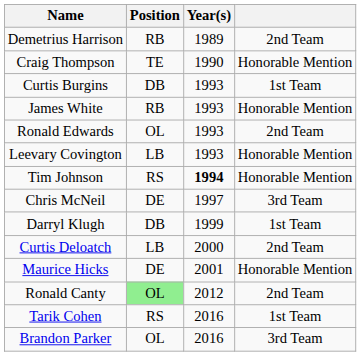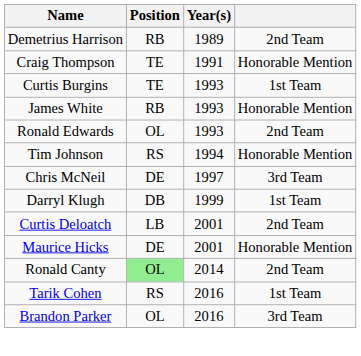 <table class="wikitable sortable" style="text-align:center">
 <tr>
 <th>Name</th>
 <th>Position</th>
 <th>Year(s)</th>
 <th></th>
 </tr>
 <tr>
 <td>Demetrius Harrison</td>
 <td>RB</td>
 <td>1989</td>
 <td>2nd Team</td>
 </tr>
 <tr>
 <td>Craig Thompson</td>
 <td>TE</td>
-<td>1990</td>
+<td>1991</td>
 <td>Honorable Mention</td>
 </tr>
 <tr>
 <td>Curtis Burgins</td>
-<td>DB</td>
+<td>TE</td>
 <td>1993</td>
 <td>1st Team</td>
 </tr>
 <tr>
 <td>James White</td>
 <td>RB</td>
 <td>1993</td>
 <td>Honorable Mention</td>
 </tr>
 <tr>
 <td>Ronald Edwards</td>
 <td>OL</td>
 <td>1993</td>
 <td>2nd Team</td>
 </tr>
 <tr>
-<td>Leevary Covington</td>
-<td>LB</td>
-<td>1993</td>
-<td>Honorable Mention</td>
-</tr>
-<tr>
 <td>Tim Johnson</td>
 <td>RS</td>
-<td><strong>1994</strong></td>
+<td>1994</td>
 <td>Honorable Mention</td>
 </tr>
 <tr>
 <td>Chris McNeil</td>
 <td>DE</td>
 <td>1997</td>
 <td>3rd Team</td>
 </tr>
 <tr>
 <td>Darryl Klugh</td>
 <td>DB</td>
 <td>1999</td>
 <td>1st Team</td>
 </tr>
 <tr>
 <td><a href='#'>Curtis Deloatch</a></td>
 <td>LB</td>
-<td>2000</td>
+<td>2001</td>
 <td>2nd Team</td>
 </tr>
 <tr>
 <td><a href='#'>Maurice Hicks</a></td>
 <td>DE</td>
 <td>2001</td>
 <td>Honorable Mention</td>
 </tr>
 <tr>
 <td>Ronald Canty</td>
 <td style="background: lightgreen;">OL</td>
-<td>2012</td>
+<td>2014</td>
 <td>2nd Team</td>
 </tr>
 <tr>
 <td><a href='#'>Tarik Cohen</a></td>
 <td>RS</td>
 <td>2016</td>
 <td>1st Team</td>
 </tr>
 <tr>
 <td><a href='#'>Brandon Parker</a></td>
 <td>OL</td>
 <td>2016</td>
 <td>3rd Team</td>
 </tr>
 </table>
